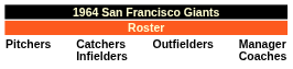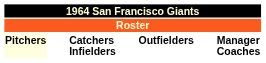 <table class="toccolours" style="font-size: 95%;">
 <tr>
 <th colspan="10" style="background-color: black; color: #FFFDD0; text-align: center;">1964 San Francisco Giants</th>
 </tr>
 <tr>
 <td colspan="10" style="background-color: #fd5a1e; color: #FFFDD0; text-align: center;"><strong>Roster</strong></td>
 </tr>
 <tr>
-<td valign="top"><strong>Pitchers</strong><br>              </td>
+<td valign="top" style="background: lightyellow;"><strong>Pitchers</strong><br>              </td>
 <td width="25px"></td>
 <td valign="top"><strong>Catchers</strong><br>   <strong>Infielders</strong>       </td>
 <td width="25px"></td>
 <td valign="top"><strong>Outfielders</strong><br>       </td>
 <td width="25px"></td>
 <td valign="top"><strong>Manager</strong><br> <strong>Coaches</strong>    </td>
 </tr>
 <tr>
 </tr>
 </table>
